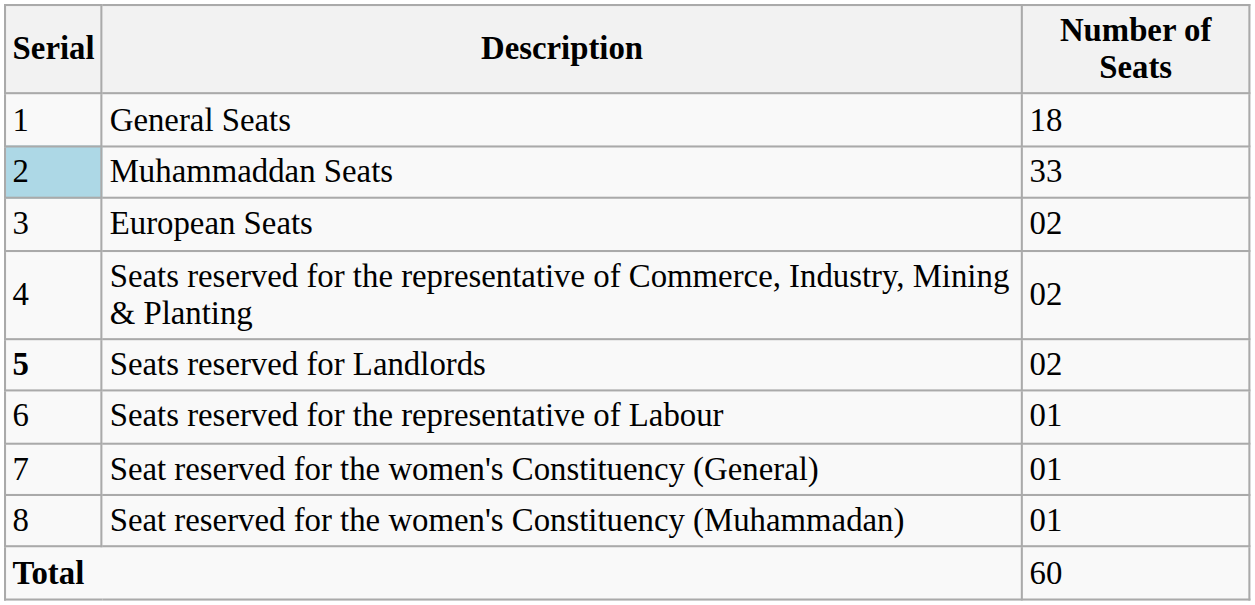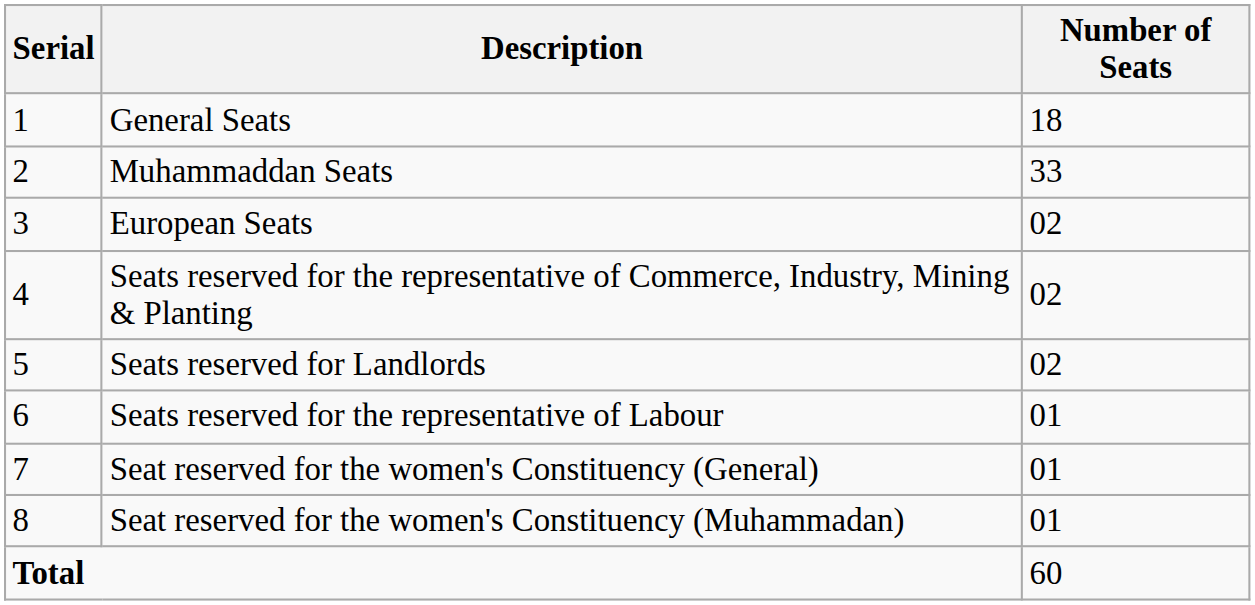 <table class="wikitable">
 <tr>
 <th>Serial</th>
 <th>Description</th>
 <th>Number of Seats</th>
 </tr>
 <tr>
 <td>1</td>
 <td>General Seats</td>
 <td>18</td>
 </tr>
 <tr>
-<td style="background: lightblue;">2</td>
+<td>2</td>
 <td>Muhammaddan Seats</td>
 <td>33</td>
 </tr>
 <tr>
 <td>3</td>
 <td>European Seats</td>
 <td>02</td>
 </tr>
 <tr>
 <td>4</td>
 <td>Seats reserved for the representative of Commerce, Industry, Mining & Planting</td>
 <td>02</td>
 </tr>
 <tr>
-<td><strong>5</strong></td>
+<td>5</td>
 <td>Seats reserved for Landlords</td>
 <td>02</td>
 </tr>
 <tr>
 <td>6</td>
 <td>Seats reserved for the representative of Labour</td>
 <td>01</td>
 </tr>
 <tr>
 <td>7</td>
 <td>Seat reserved for the women's Constituency (General)</td>
 <td>01</td>
 </tr>
 <tr>
 <td>8</td>
 <td>Seat reserved for the women's Constituency (Muhammadan)</td>
 <td>01</td>
 </tr>
 <tr>
 <td colspan="2"><strong>Total</strong></td>
 <td>60</td>
 </tr>
 </table>
